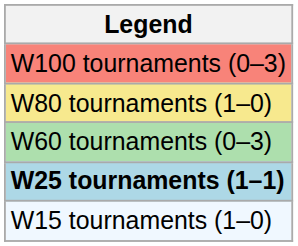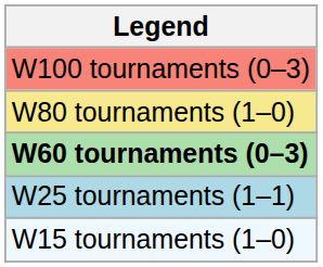 <table class="wikitable" style="font-size:85%">
 <tr>
 <th>Legend</th>
 </tr>
 <tr style="background:#f88379;">
 <td>W100 tournaments (0–3)</td>
 </tr>
 <tr style="background:#f7e98e;">
 <td>W80 tournaments (1–0)</td>
 </tr>
 <tr style="background:#addfad">
-<td>W60 tournaments (0–3)</td>
+<td><strong>W60 tournaments (0–3)</strong></td>
 </tr>
 <tr style="background:lightblue;">
-<td><strong>W25 tournaments (1–1)</strong></td>
+<td>W25 tournaments (1–1)</td>
 </tr>
 <tr style="background:#f0f8ff;">
 <td>W15 tournaments (1–0)</td>
 </tr>
 </table>
